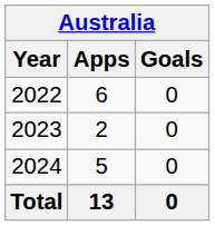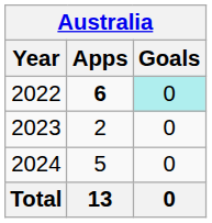 <table class="wikitable" style="text-align:center">
 <tr>
 <th colspan=5><a href='#'>Australia</a></th>
 </tr>
 <tr>
 <th>Year</th>
 <th>Apps</th>
 <th>Goals</th>
 </tr>
 <tr>
 <td>2022</td>
-<td>6</td>
-<td>0</td>
+<td><strong>6</strong></td>
+<td style="background: paleturquoise;">0</td>
 </tr>
 <tr>
 <td>2023</td>
 <td>2</td>
 <td>0</td>
 </tr>
 <tr>
 <td>2024</td>
 <td>5</td>
 <td>0</td>
 </tr>
 <tr>
 <th>Total</th>
 <th>13</th>
 <th>0</th>
 </tr>
 </table>
